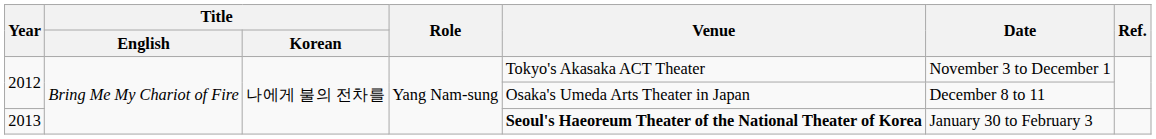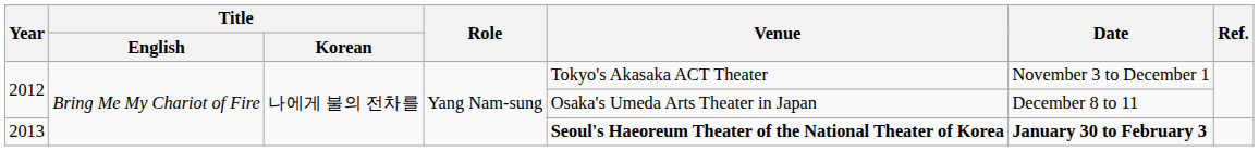 <table class="wikitable sortable">
 <tr>
 <th rowspan="2">Year</th>
 <th colspan="2">Title</th>
 <th rowspan="2">Role</th>
 <th rowspan="2">Venue</th>
 <th rowspan="2">Date</th>
 <th rowspan="2">Ref.</th>
 </tr>
 <tr>
 <th>English</th>
 <th>Korean</th>
 </tr>
 <tr>
 <td rowspan="2">2012</td>
 <td rowspan="3"><em>Bring Me My Chariot of Fire</em></td>
 <td rowspan="3">나에게 불의 전차를</td>
 <td rowspan="3">Yang Nam-sung</td>
 <td>Tokyo's Akasaka ACT Theater</td>
 <td>November 3 to December 1</td>
 <td rowspan="2"></td>
 </tr>
 <tr>
 <td>Osaka's Umeda Arts Theater in Japan</td>
 <td>December 8 to 11</td>
 </tr>
 <tr>
 <td>2013</td>
 <td><strong>Seoul's Haeoreum Theater of the National Theater of Korea</strong></td>
-<td>January 30 to February 3</td>
+<td><strong>January 30 to February 3</strong></td>
 <td></td>
 </tr>
 </table>
